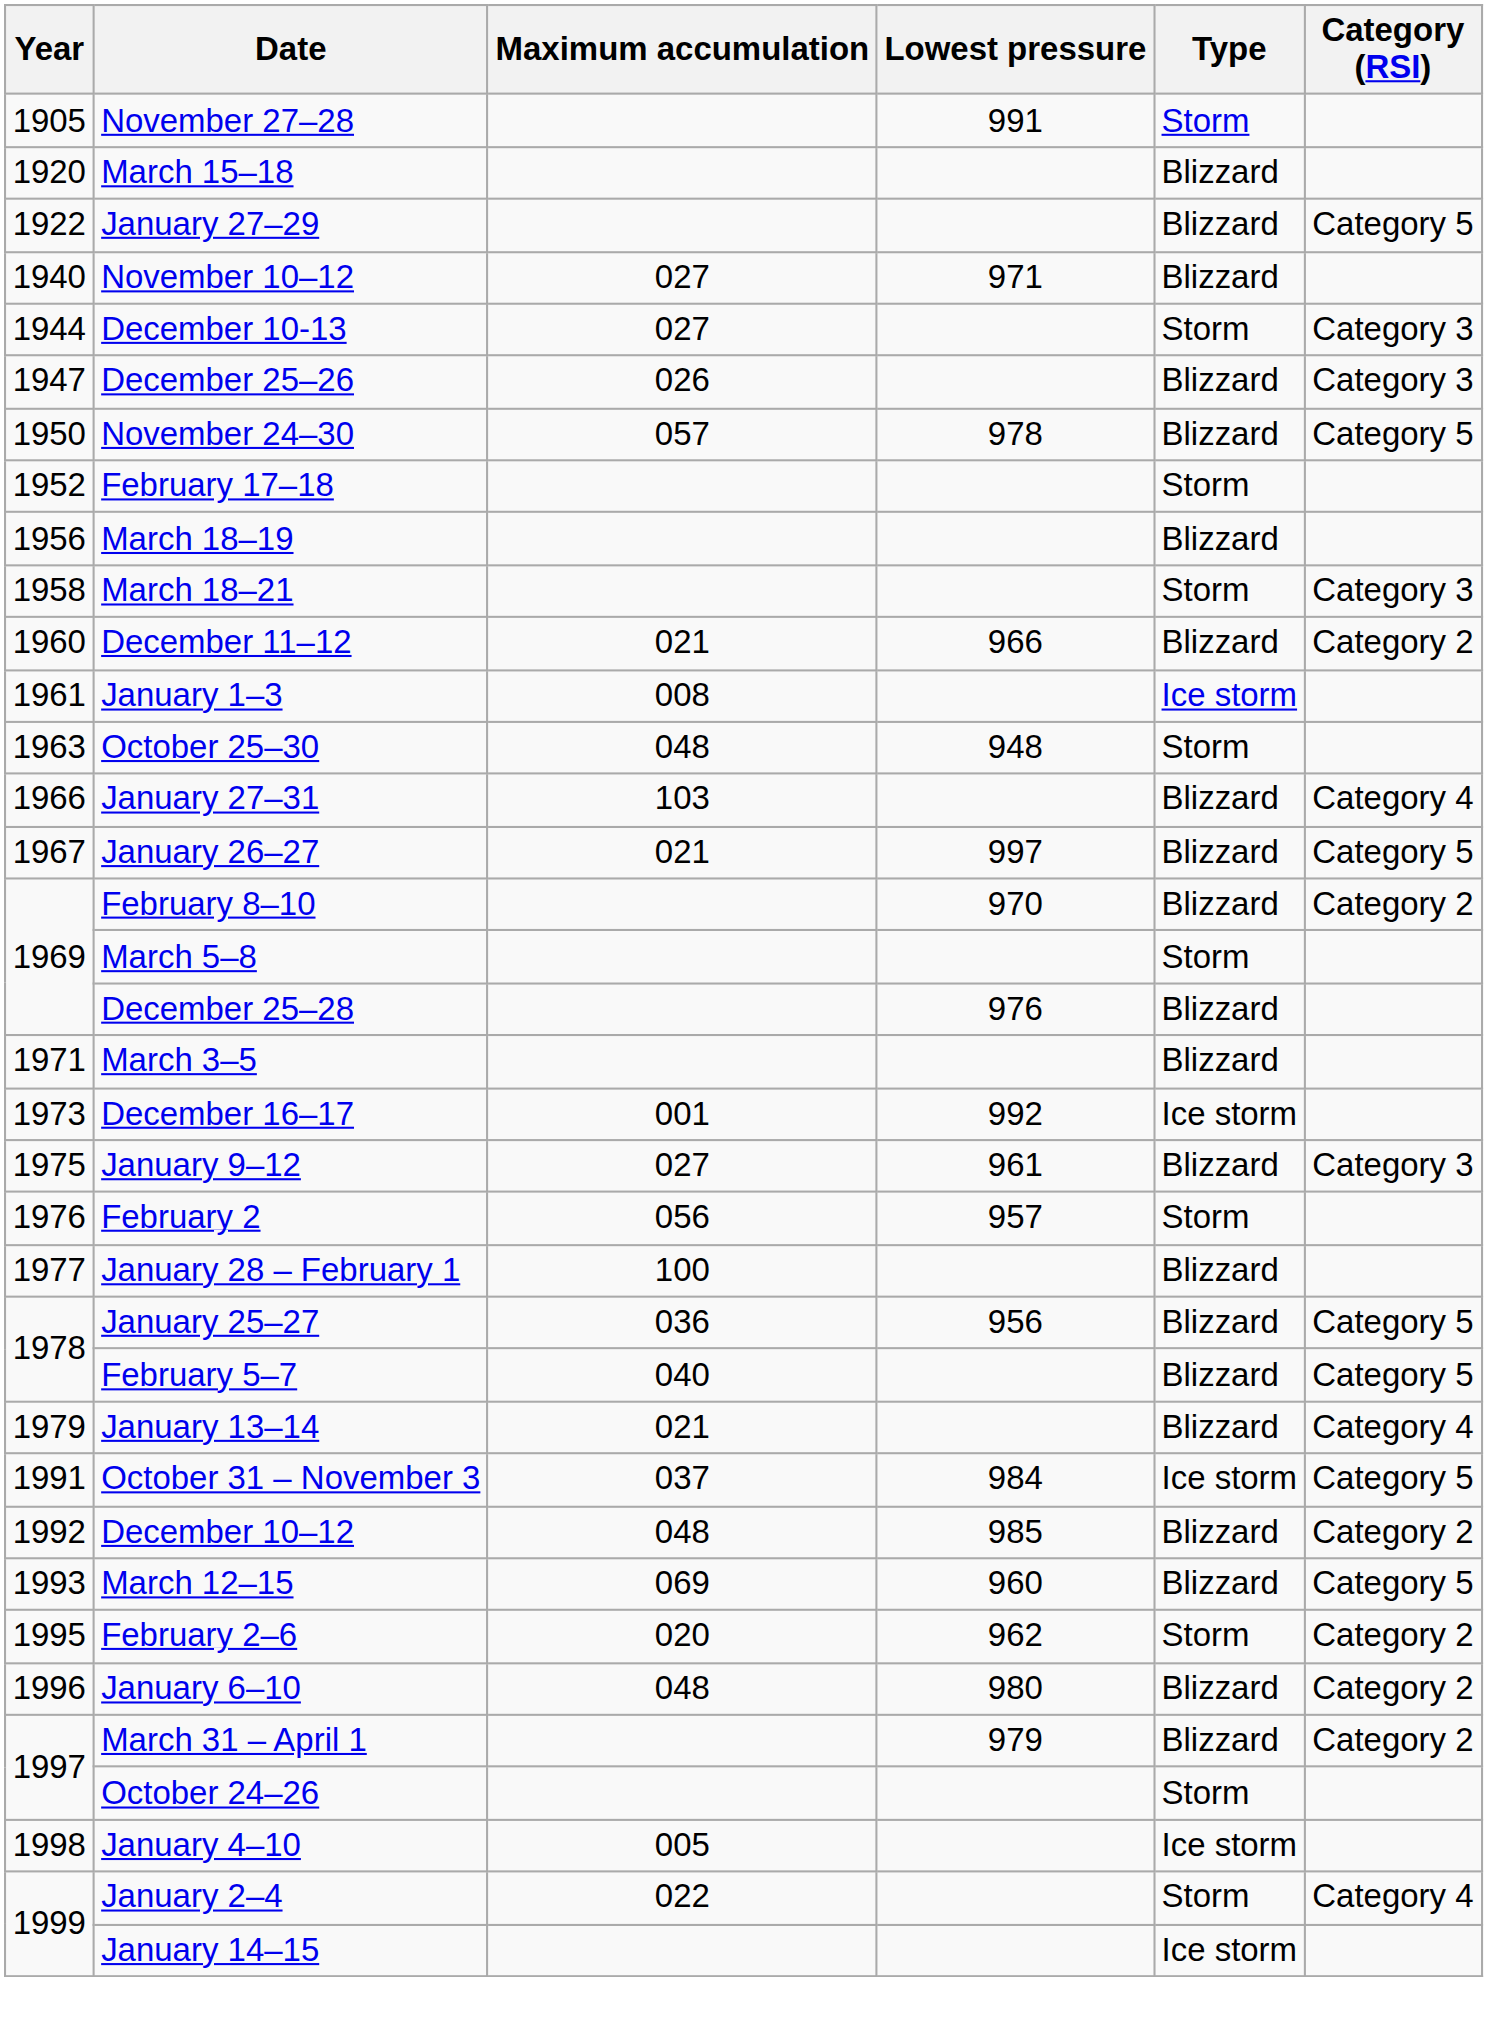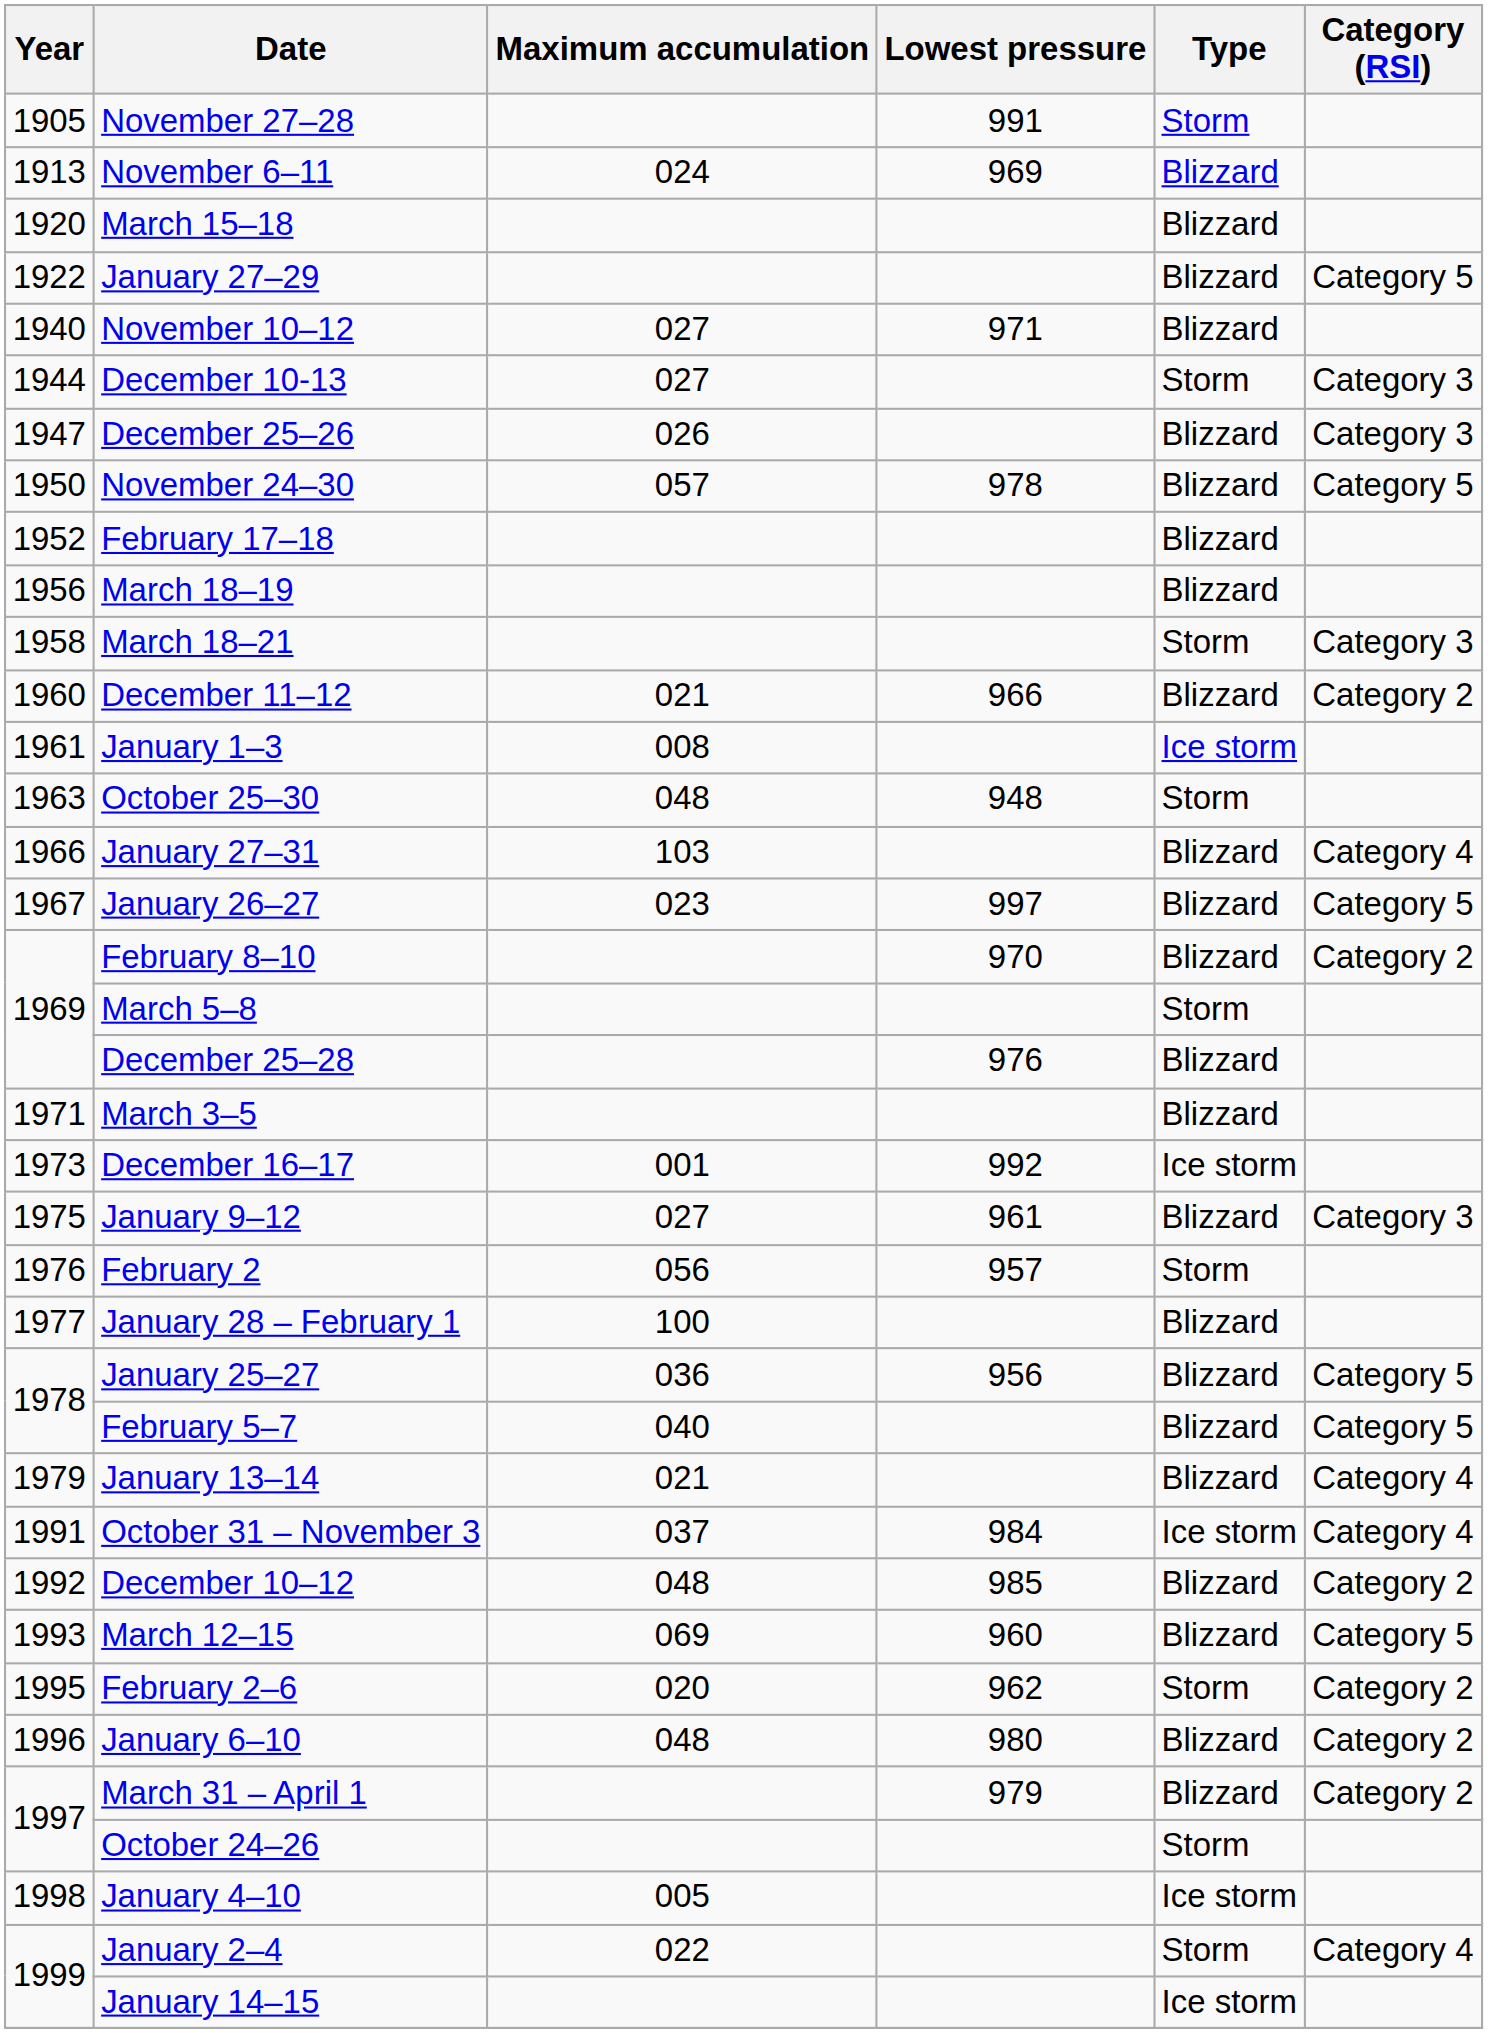 <table class="wikitable sortable">
 <tr>
 <th>Year</th>
 <th>Date</th>
 <th>Maximum accumulation</th>
 <th>Lowest pressure</th>
 <th>Type</th>
 <th>Category <br>(<a href='#'>RSI</a>)</th>
 </tr>
 <tr>
 <td>1905</td>
 <td><a href='#'>November 27–28</a></td>
 <td></td>
 <td style="text-align: center;"><span>991</span> </td>
 <td><a href='#'>Storm</a></td>
+<td></td>
+</tr>
+<tr>
+<td>1913</td>
+<td><a href='#'>November 6–11</a></td>
+<td style="text-align: center;"><span>024</span> </td>
+<td style="text-align: center;"><span>969</span> </td>
+<td><a href='#'>Blizzard</a></td>
 <td></td>
 </tr>
 <tr>
 <td>1920</td>
 <td><a href='#'>March 15–18</a></td>
 <td></td>
 <td></td>
 <td>Blizzard</td>
 <td></td>
 </tr>
 <tr>
 <td>1922</td>
 <td><a href='#'>January 27–29</a></td>
 <td></td>
 <td></td>
 <td>Blizzard</td>
 <td style="background: #">Category 5</td>
 </tr>
 <tr>
 <td>1940</td>
 <td><a href='#'>November 10–12</a></td>
 <td style="text-align: center;"><span>027</span> </td>
 <td style="text-align: center;"><span>971</span> </td>
 <td>Blizzard</td>
 <td></td>
 </tr>
 <tr>
 <td>1944</td>
 <td><a href='#'>December 10-13</a></td>
 <td style="text-align: center;"><span>027</span> </td>
 <td></td>
 <td>Storm</td>
 <td style="background: #">Category 3</td>
 </tr>
 <tr>
 <td>1947</td>
 <td><a href='#'>December 25–26</a></td>
 <td style="text-align: center;"><span>026</span> </td>
 <td></td>
 <td>Blizzard</td>
 <td style="background: #">Category 3</td>
 </tr>
 <tr>
 <td>1950</td>
 <td><a href='#'>November 24–30</a></td>
 <td style="text-align: center;"><span>057</span> </td>
 <td style="text-align: center;"><span>978</span> </td>
 <td>Blizzard</td>
 <td style="background: #">Category 5</td>
 </tr>
 <tr>
 <td>1952</td>
 <td><a href='#'>February 17–18</a></td>
 <td></td>
 <td></td>
-<td>Storm</td>
+<td>Blizzard</td>
 <td></td>
 </tr>
 <tr>
 <td>1956</td>
 <td><a href='#'>March 18–19</a></td>
 <td></td>
 <td></td>
 <td>Blizzard</td>
 <td></td>
 </tr>
 <tr>
 <td>1958</td>
 <td><a href='#'>March 18–21</a></td>
 <td></td>
 <td></td>
 <td>Storm</td>
 <td style="background: #">Category 3</td>
 </tr>
 <tr>
 <td>1960</td>
 <td><a href='#'>December 11–12</a></td>
 <td style="text-align: center;"><span>021</span> </td>
 <td style="text-align: center;"><span>966</span> </td>
 <td>Blizzard</td>
 <td style="background: #">Category 2</td>
 </tr>
 <tr>
 <td>1961</td>
 <td><a href='#'>January 1–3</a></td>
 <td style="text-align: center;"><span>008</span> </td>
 <td></td>
 <td><a href='#'>Ice storm</a></td>
 <td></td>
 </tr>
 <tr>
 <td>1963</td>
 <td><a href='#'>October 25–30</a></td>
 <td style="text-align: center;"><span>048</span> </td>
 <td style="text-align: center;"><span>948</span> </td>
 <td>Storm</td>
 <td></td>
 </tr>
 <tr>
 <td>1966</td>
 <td><a href='#'>January 27–31</a></td>
 <td style="text-align: center;"><span>103</span> </td>
 <td></td>
 <td>Blizzard</td>
 <td style="background: #">Category 4</td>
 </tr>
 <tr>
 <td>1967</td>
 <td><a href='#'>January 26–27</a></td>
-<td style="text-align: center;"><span>021</span> </td>
+<td style="text-align: center;"><span>023</span> </td>
 <td style="text-align: center;"><span>997</span> </td>
 <td>Blizzard</td>
 <td style="background: #">Category 5</td>
 </tr>
 <tr>
 <td rowspan="3">1969</td>
 <td><a href='#'>February 8–10</a></td>
 <td></td>
 <td style="text-align: center;"><span>970</span> </td>
 <td>Blizzard</td>
 <td style="background: #">Category 2</td>
 </tr>
 <tr>
 <td><a href='#'>March 5–8</a></td>
 <td></td>
 <td></td>
 <td>Storm</td>
 <td></td>
 </tr>
 <tr>
 <td><a href='#'>December 25–28</a></td>
 <td></td>
 <td style="text-align: center;"><span>976</span> </td>
 <td>Blizzard</td>
 <td></td>
 </tr>
 <tr>
 <td>1971</td>
 <td><a href='#'>March 3–5</a></td>
 <td></td>
 <td></td>
 <td>Blizzard</td>
 <td></td>
 </tr>
 <tr>
 <td>1973</td>
 <td><a href='#'>December 16–17</a></td>
 <td style="text-align: center;"><span>001</span> </td>
 <td style="text-align: center;"><span>992</span> </td>
 <td>Ice storm</td>
 <td></td>
 </tr>
 <tr>
 <td>1975</td>
 <td><a href='#'>January 9–12</a></td>
 <td style="text-align: center;"><span>027</span> </td>
 <td style="text-align: center;"><span>961</span> </td>
 <td>Blizzard</td>
 <td style="background: #">Category 3</td>
 </tr>
 <tr>
 <td>1976</td>
 <td><a href='#'>February 2</a></td>
 <td style="text-align: center;"><span>056</span> </td>
 <td style="text-align: center;"><span>957</span> </td>
 <td>Storm</td>
 <td></td>
 </tr>
 <tr>
 <td>1977</td>
 <td><a href='#'>January 28 – February 1</a></td>
 <td style="text-align: center;"><span>100</span> </td>
 <td></td>
 <td>Blizzard</td>
 <td></td>
 </tr>
 <tr>
 <td rowspan="2">1978</td>
 <td><a href='#'>January 25–27</a></td>
 <td style="text-align: center;"><span>036</span> </td>
 <td style="text-align: center;"><span>956</span> </td>
 <td>Blizzard</td>
 <td style="background: #">Category 5</td>
 </tr>
 <tr>
 <td><a href='#'>February 5–7</a></td>
 <td style="text-align: center;"><span>040</span> </td>
 <td></td>
 <td>Blizzard</td>
 <td style="background: #">Category 5</td>
 </tr>
 <tr>
 <td>1979</td>
 <td><a href='#'>January 13–14</a></td>
 <td style="text-align: center;"><span>021</span> </td>
 <td></td>
 <td>Blizzard</td>
 <td style="background: #">Category 4</td>
 </tr>
 <tr>
 <td>1991</td>
 <td><a href='#'>October 31 – November 3</a></td>
 <td style="text-align: center;"><span>037</span> </td>
 <td style="text-align: center;"><span>984</span> </td>
 <td>Ice storm</td>
-<td style="background: #">Category 5</td>
+<td style="background: #">Category 4</td>
 </tr>
 <tr>
 <td>1992</td>
 <td><a href='#'>December 10–12</a></td>
 <td style="text-align: center;"><span>048</span> </td>
 <td style="text-align: center;"><span>985</span> </td>
 <td>Blizzard</td>
 <td style="background: #">Category 2</td>
 </tr>
 <tr>
 <td>1993</td>
 <td><a href='#'>March 12–15</a></td>
 <td style="text-align: center;"><span>069</span> </td>
 <td style="text-align: center;"><span>960</span> </td>
 <td>Blizzard</td>
 <td style="background: #">Category 5</td>
 </tr>
 <tr>
 <td>1995</td>
 <td><a href='#'>February 2–6</a></td>
 <td style="text-align: center;"><span>020</span> </td>
 <td style="text-align: center;"><span>962</span> </td>
 <td>Storm</td>
 <td style="background: #">Category 2</td>
 </tr>
 <tr>
 <td>1996</td>
 <td><a href='#'>January 6–10</a></td>
 <td style="text-align: center;"><span>048</span> </td>
 <td style="text-align: center;"><span>980</span> </td>
 <td>Blizzard</td>
 <td style="background: #">Category 2</td>
 </tr>
 <tr>
 <td rowspan="2">1997</td>
 <td><a href='#'>March 31 – April 1</a></td>
 <td></td>
 <td style="text-align: center;"><span>979</span> </td>
 <td>Blizzard</td>
 <td style="background: #">Category 2</td>
 </tr>
 <tr>
 <td><a href='#'>October 24–26</a></td>
 <td></td>
 <td></td>
 <td>Storm</td>
 <td></td>
 </tr>
 <tr>
 <td>1998</td>
 <td><a href='#'>January 4–10</a></td>
 <td style="text-align: center;"><span>005</span> </td>
 <td></td>
 <td>Ice storm</td>
 <td></td>
 </tr>
 <tr>
 <td rowspan="2">1999</td>
 <td><a href='#'>January 2–4</a></td>
 <td style="text-align: center;"><span>022</span> </td>
 <td></td>
 <td>Storm</td>
 <td style="background: #">Category 4</td>
 </tr>
 <tr>
 <td><a href='#'>January 14–15</a></td>
 <td></td>
 <td></td>
 <td>Ice storm</td>
 <td></td>
 </tr>
 <tr>
 </tr>
 </table>
